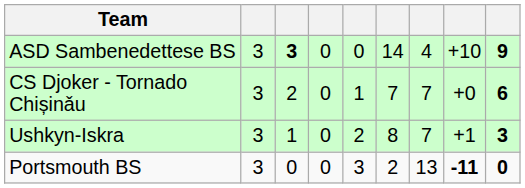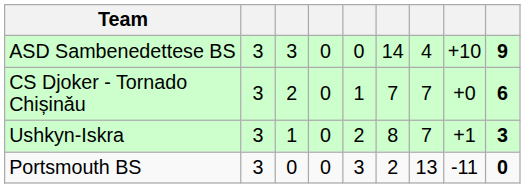 <table class="wikitable" style="text-align: center;">
 <tr>
 <th width="185">Team</th>
 <th width="20"></th>
 <th width="20"></th>
 <th width="20"></th>
 <th width="20"></th>
 <th width="20"></th>
 <th width="20"></th>
 <th width="20"></th>
 <th width="20"></th>
 </tr>
 <tr bgcolor=#ccffcc>
 <td align=left> ASD Sambenedettese BS</td>
 <td>3</td>
-<td><strong>3</strong></td>
+<td>3</td>
 <td>0</td>
 <td>0</td>
 <td>14</td>
 <td>4</td>
 <td>+10</td>
 <td><strong>9</strong></td>
 </tr>
 <tr bgcolor=#ccffcc>
 <td align=left> CS Djoker - Tornado Chișinǎu</td>
 <td>3</td>
 <td>2</td>
 <td>0</td>
 <td>1</td>
 <td>7</td>
 <td>7</td>
 <td>+0</td>
 <td><strong>6</strong></td>
 </tr>
 <tr bgcolor=#ccffcc>
 <td align=left> Ushkyn-Iskra</td>
 <td>3</td>
 <td>1</td>
 <td>0</td>
 <td>2</td>
 <td>8</td>
 <td>7</td>
 <td>+1</td>
 <td><strong>3</strong></td>
 </tr>
 <tr>
 <td align=left> Portsmouth BS</td>
 <td>3</td>
 <td>0</td>
 <td>0</td>
 <td>3</td>
 <td>2</td>
 <td>13</td>
-<td><strong>-11</strong></td>
+<td>-11</td>
 <td><strong>0</strong></td>
 </tr>
 </table>
